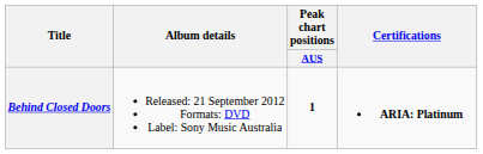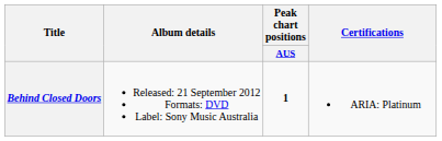 <table class="wikitable plainrowheaders" style="text-align:center;">
 <tr>
 <th scope="col" rowspan="2">Title</th>
 <th scope="col" rowspan="2">Album details</th>
 <th scope="col" colspan="1">Peak chart positions</th>
 <th scope="col" rowspan="2" style="width:11.5em;"><a href='#'>Certifications</a></th>
 </tr>
 <tr>
 <th scope="col" style="width:3em;font-size:90%;"><a href='#'>AUS</a><br></th>
 </tr>
 <tr>
 <th scope="row"><em><a href='#'>Behind Closed Doors</a></em></th>
 <td><br><ul><li>Released: 21 September 2012</li><li>Formats: <a href='#'>DVD</a></li><li>Label: Sony Music Australia</li></ul></td>
 <td><strong>1</strong></td>
-<td><strong><br><ul><li>ARIA: Platinum</li></ul></strong></td>
+<td><br><ul><li>ARIA: Platinum</li></ul></td>
 </tr>
 </table>
